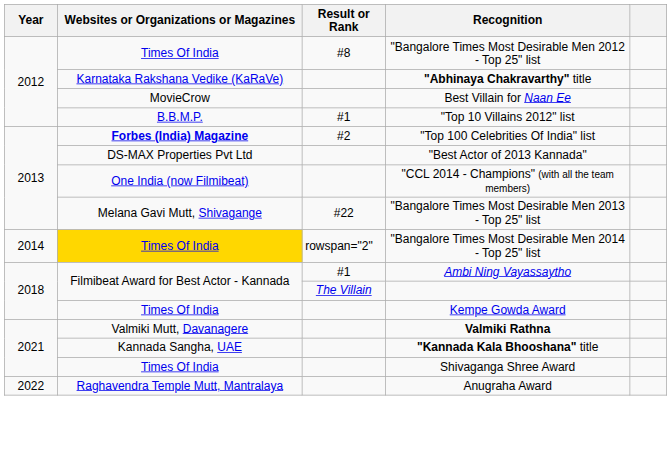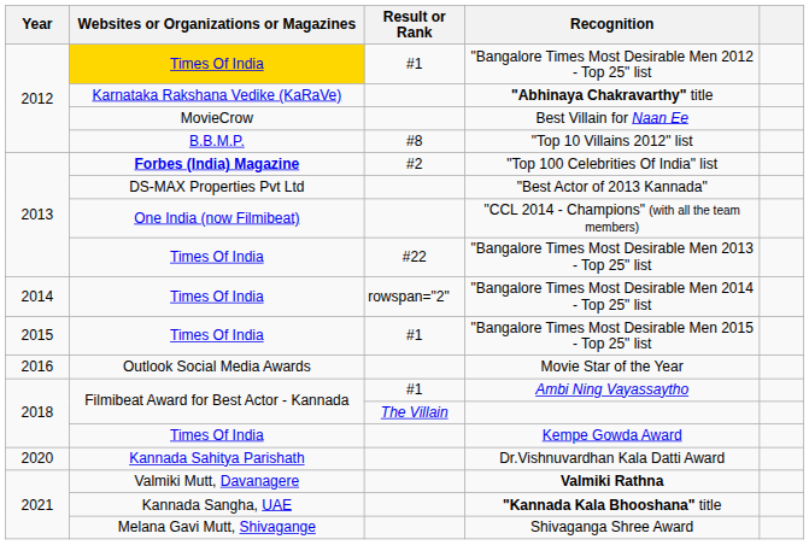 <table class="wikitable" width=100%>
 <tr>
 <th width=8%>Year</th>
 <th width=37%>Websites or Organizations or Magazines</th>
 <th width=12.5%>Result or Rank</th>
 <th width=37%>Recognition</th>
 <th width=5.5%></th>
 </tr>
 <tr>
 <td rowspan="4" style="text-align:center;">2012</td>
-<td style="text-align:center;"><a href='#'>Times Of India</a></td>
-<td style="text-align:center;">#8</td>
+<td style="background: gold; text-align:center;"><a href='#'>Times Of India</a></td>
+<td style="text-align:center;">#1</td>
 <td style="text-align:center;">"Bangalore Times Most Desirable Men 2012 - Top 25" list</td>
 <td style="text-align: center;"></td>
 </tr>
 <tr>
 <td style="text-align:center;"><a href='#'>Karnataka Rakshana Vedike (KaRaVe)</a></td>
 <td></td>
 <td style="text-align:center;"><strong>"Abhinaya Chakravarthy"</strong> title</td>
 <td style="text-align:center;"></td>
 </tr>
 <tr>
 <td style="text-align:center;">MovieCrow</td>
 <td></td>
 <td style="text-align:center;">Best Villain for <em><a href='#'>Naan Ee</a></em></td>
 <td style="text-align:center;"></td>
 </tr>
 <tr>
 <td style="text-align:center;"><a href='#'>B.B.M.P.</a></td>
-<td style="text-align:center;">#1</td>
+<td style="text-align:center;">#8</td>
 <td style="text-align:center;">"Top 10 Villains 2012" list</td>
 <td style="text-align:center;"></td>
 </tr>
 <tr>
 <td rowspan="4" style="text-align:center;">2013</td>
 <td style="text-align:center;"><strong><a href='#'>Forbes (India) Magazine</a></strong></td>
 <td style="text-align:center;">#2</td>
 <td style="text-align:center;">"Top 100 Celebrities Of India" list</td>
 <td style="text-align: center;"></td>
 </tr>
 <tr>
 <td style="text-align:center;">DS-MAX Properties Pvt Ltd</td>
 <td></td>
 <td style="text-align:center;">"Best Actor of 2013 Kannada"</td>
 <td style="text-align: center;"></td>
 </tr>
 <tr>
 <td style="text-align:center;"><a href='#'> One India (now Filmibeat)</a></td>
 <td></td>
 <td style="text-align:center;">"CCL 2014 - Champions" <small>(with all the team members)</small></td>
 <td style="text-align: center;"></td>
 </tr>
 <tr>
-<td style="text-align:center;">Melana Gavi Mutt, <a href='#'>Shivagange</a></td>
+<td style="text-align:center;"><a href='#'>Times Of India</a></td>
 <td style="text-align:center;">#22</td>
 <td style="text-align:center;">"Bangalore Times Most Desirable Men 2013 - Top 25" list</td>
 <td style="text-align: center;"></td>
 </tr>
 <tr>
 <td style="text-align:center;">2014</td>
-<td style="background: gold; text-align:center;"><a href='#'>Times Of India</a></td>
+<td style="text-align:center;"><a href='#'>Times Of India</a></td>
 <td>rowspan="2" </td>
 <td style="text-align:center;">"Bangalore Times Most Desirable Men 2014 - Top 25" list</td>
+<td style="text-align: center;"></td>
+</tr>
+<tr>
+<td style="text-align:center;">2015</td>
+<td style="text-align:center;"><a href='#'>Times Of India</a></td>
+<td style="text-align:center;">#1</td>
+<td style="text-align:center;">"Bangalore Times Most Desirable Men 2015 - Top 25" list</td>
+<td style="text-align: center;"></td>
+</tr>
+<tr>
+<td style="text-align:center;">2016</td>
+<td style="text-align:center;">Outlook Social Media Awards</td>
+<td></td>
+<td style="text-align:center;">Movie Star of the Year</td>
 <td style="text-align: center;"></td>
 </tr>
 <tr>
 <td rowspan="3" style="text-align:center;">2018</td>
 <td rowspan="2" style="text-align:center;">Filmibeat Award for Best Actor - Kannada</td>
 <td style="text-align:center;">#1</td>
 <td style="text-align:center;"><em><a href='#'>Ambi Ning Vayassaytho</a></em></td>
 <td></td>
 </tr>
 <tr>
 <td style="text-align:center;"><a href='#'><em>The Villain</em></a></td>
 <td></td>
 </tr>
 <tr>
 <td style="text-align:center;"><a href='#'>Times Of India</a></td>
 <td></td>
 <td style="text-align:center;"><a href='#'>Kempe Gowda Award</a></td>
 <td style="text-align: center;"></td>
 </tr>
 <tr>
+<td rowspan="1" style="text-align:center;">2020</td>
+<td style="text-align:center;"><a href='#'>Kannada Sahitya Parishath</a></td>
+<td></td>
+<td style="text-align:center;">Dr.Vishnuvardhan Kala Datti Award</td>
+<td style="text-align: center;"></td>
+</tr>
+<tr>
 <td rowspan="3" style="text-align:center;">2021</td>
 <td style="text-align:center;">Valmiki Mutt, <a href='#'>Davanagere</a></td>
 <td></td>
 <td style="text-align:center;"><strong>Valmiki Rathna</strong></td>
 <td style="text-align: center;"></td>
 </tr>
 <tr>
 <td style="text-align:center;">Kannada Sangha, <a href='#'>UAE</a></td>
 <td></td>
 <td style="text-align:center;"><strong>"Kannada Kala Bhooshana"</strong> title</td>
 <td style="text-align: center;"></td>
 </tr>
 <tr>
-<td style="text-align:center;"><a href='#'>Times Of India</a></td>
+<td style="text-align:center;">Melana Gavi Mutt, <a href='#'>Shivagange</a></td>
 <td></td>
 <td style="text-align:center;">Shivaganga Shree Award</td>
 <td style="text-align: center;"></td>
 </tr>
-<tr>
-<td style="text-align:center;">2022</td>
-<td style="text-align:center;"><a href='#'>Raghavendra Temple Mutt, Mantralaya</a></td>
-<td></td>
-<td style="text-align:center;">Anugraha Award</td>
-<td style="text-align: center;"></td>
-</tr>
 </table>
